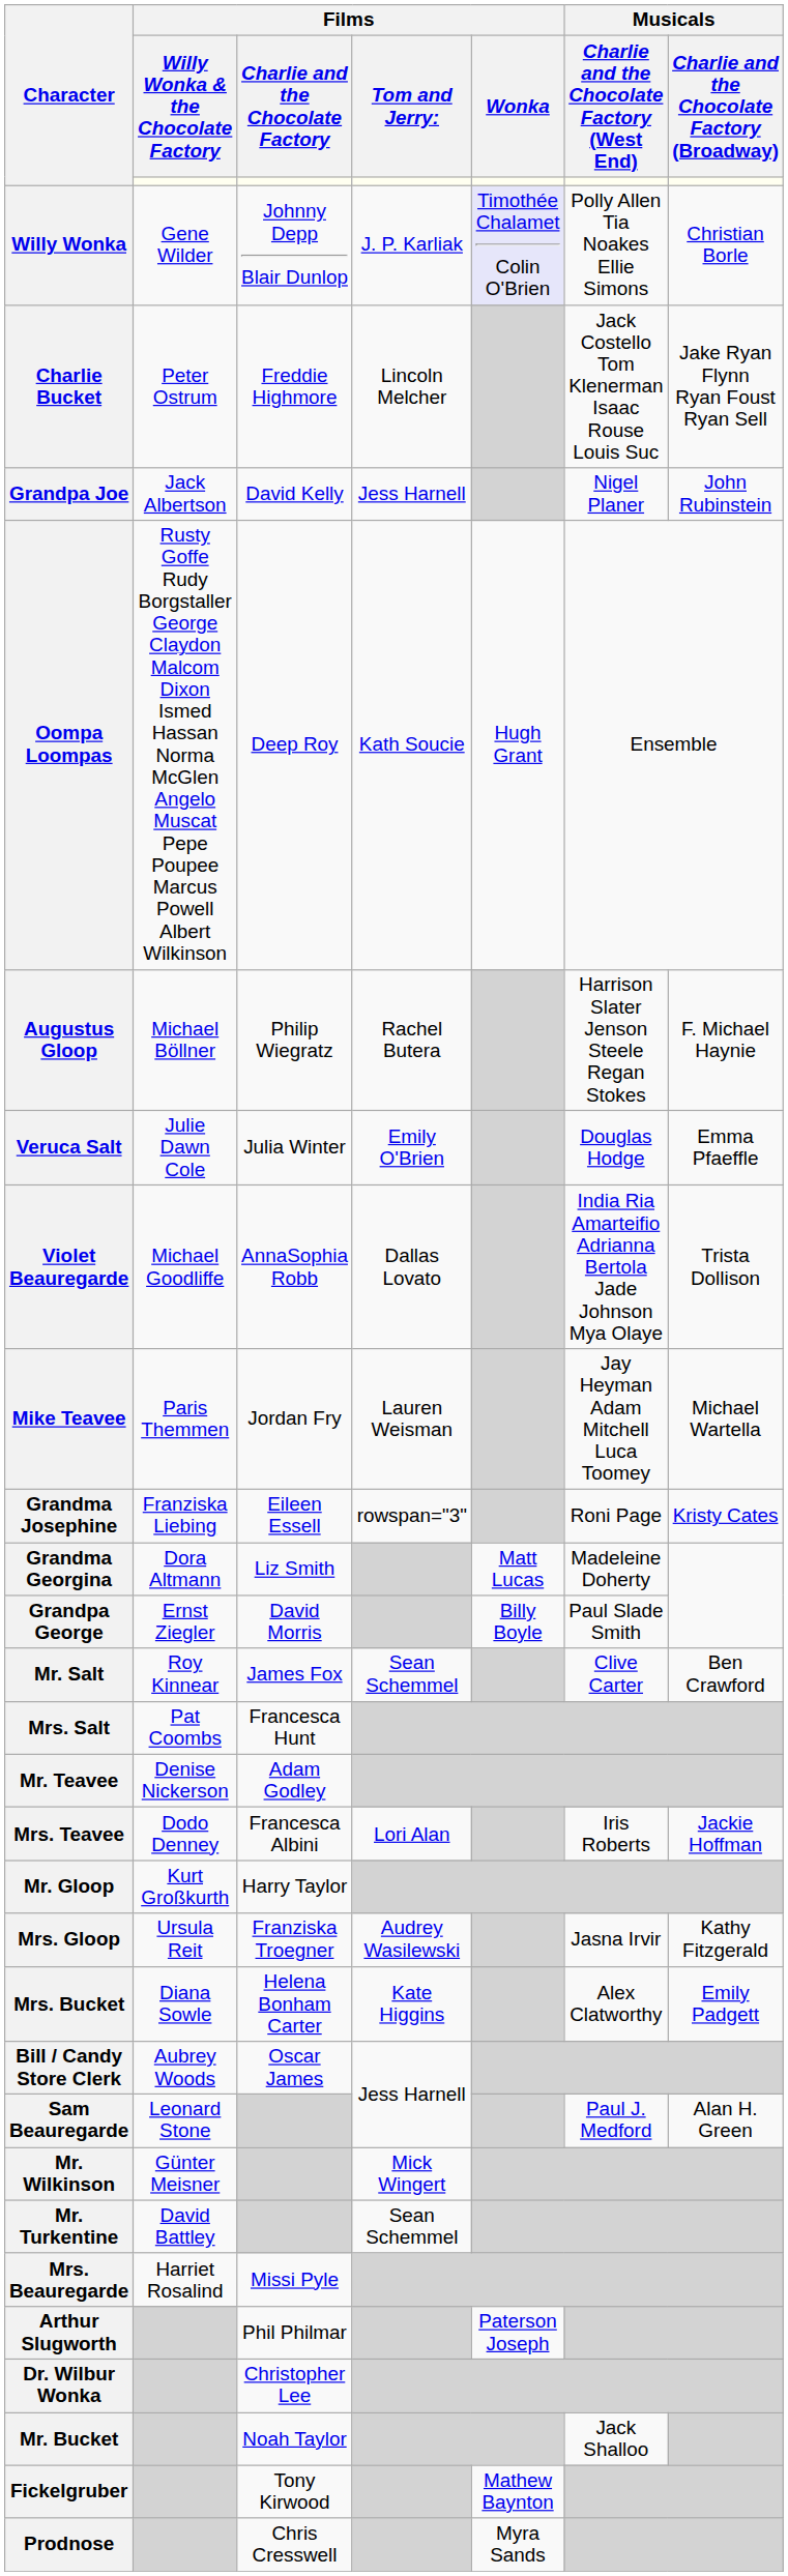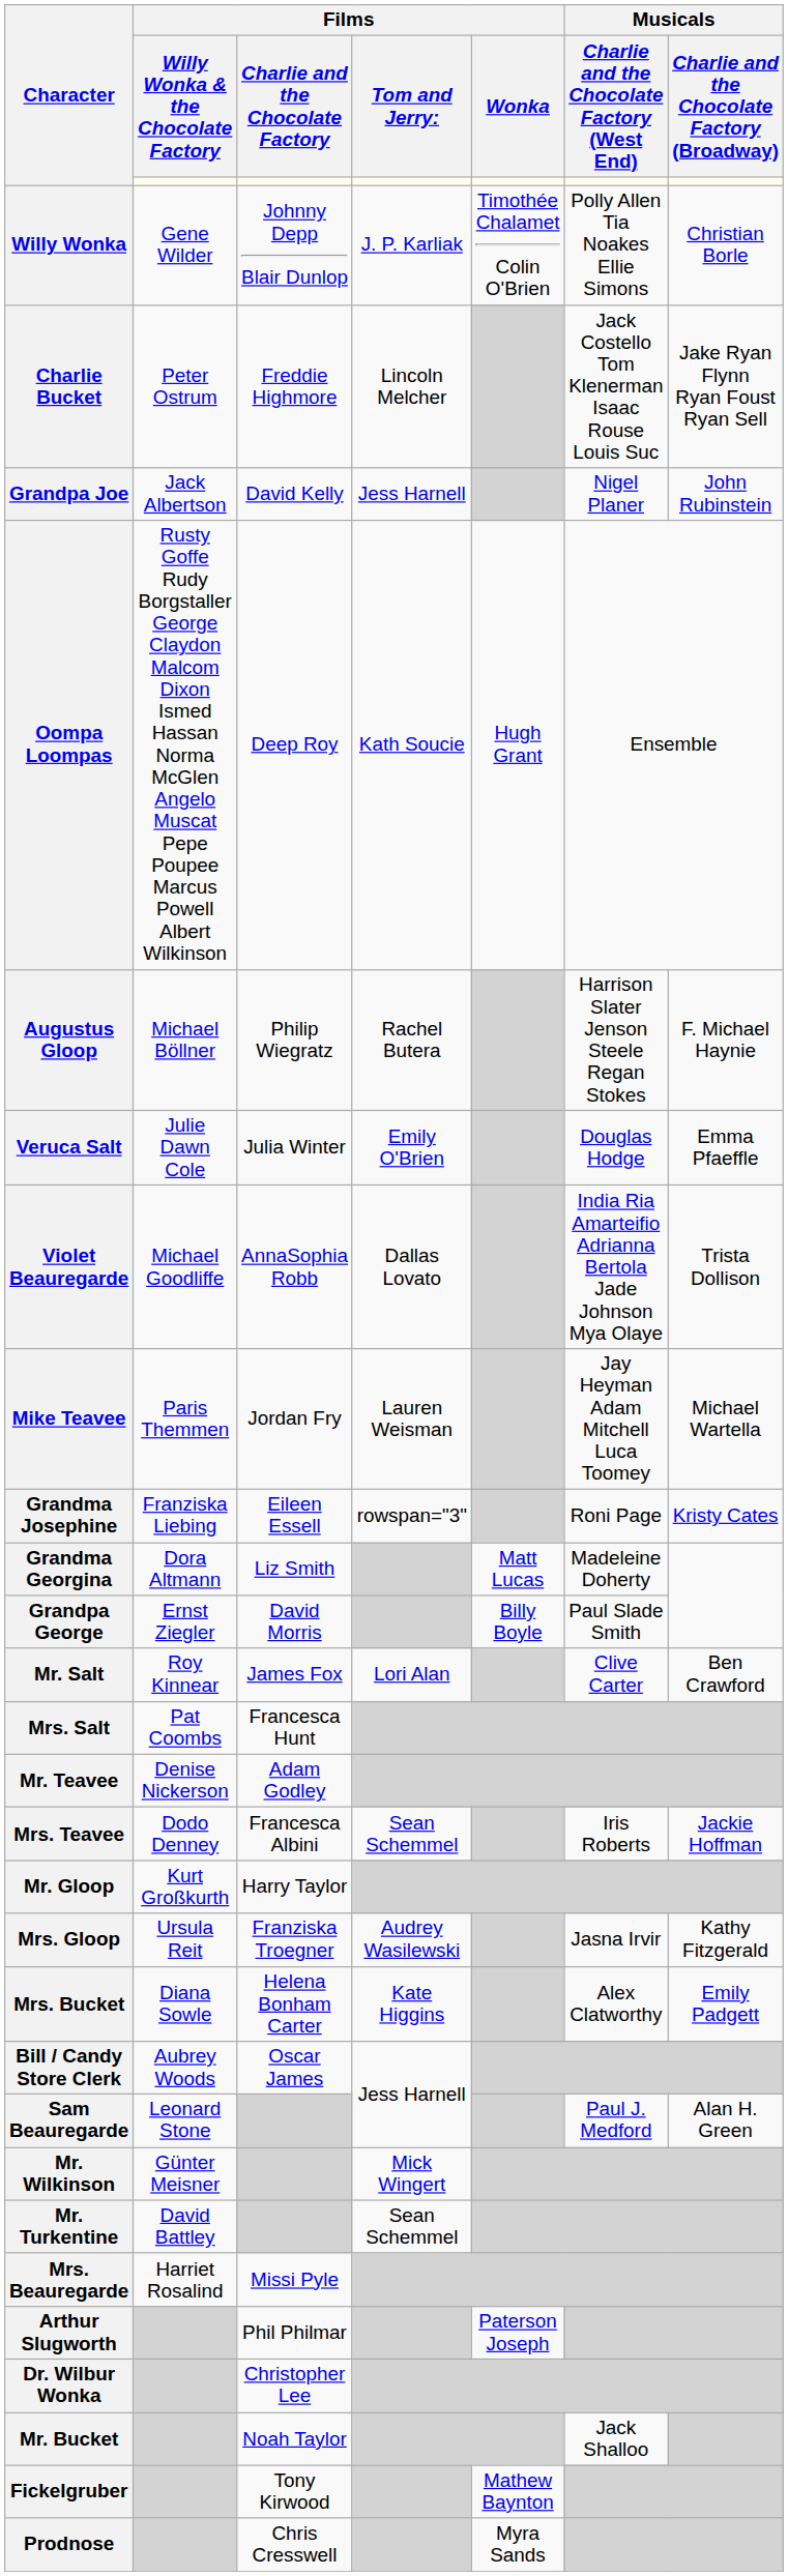 <table class="wikitable" style="text-align:center">
 <tr>
 <th rowspan="3" width="10%"><a href='#'>Character</a></th>
 <th colspan="4">Films</th>
 <th colspan="2">Musicals</th>
 </tr>
 <tr>
 <th width="16%"><em><a href='#'>Willy Wonka & the Chocolate Factory</a></em></th>
 <th width="16%"><em><a href='#'>Charlie and the Chocolate Factory</a></em></th>
 <th width="16%"><em><a href='#'>Tom and Jerry:<br></a></em></th>
 <th width="16%"><em><a href='#'>Wonka</a></em></th>
 <th width="16%"><a href='#'><em>Charlie and the Chocolate Factory</em><br>(West End)</a></th>
 <th width="16%"><a href='#'><em>Charlie and the Chocolate Factory</em><br>(Broadway)</a></th>
 </tr>
 <tr>
 <th style="background:ivory;"></th>
 <th style="background:ivory;"></th>
 <th style="background:ivory;"></th>
 <th style="background:ivory;"></th>
 <th style="background:ivory;"></th>
 <th style="background:ivory;"></th>
 </tr>
 <tr>
 <th><a href='#'>Willy Wonka</a></th>
 <td><a href='#'>Gene Wilder</a></td>
 <td><a href='#'>Johnny Depp</a><hr><a href='#'>Blair Dunlop</a></td>
 <td><a href='#'>J. P. Karliak</a></td>
-<td style="background: lavender;"><a href='#'>Timothée Chalamet</a><hr>Colin O'Brien</td>
+<td><a href='#'>Timothée Chalamet</a><hr>Colin O'Brien</td>
 <td>Polly Allen<br>Tia Noakes<br>Ellie Simons</td>
 <td><a href='#'>Christian Borle</a></td>
 </tr>
 <tr>
 <th><a href='#'>Charlie Bucket</a></th>
 <td><a href='#'>Peter Ostrum</a></td>
 <td><a href='#'>Freddie Highmore</a></td>
 <td>Lincoln Melcher</td>
 <td style="background:lightgrey;"></td>
 <td>Jack Costello<br>Tom Klenerman<br>Isaac Rouse<br>Louis Suc</td>
 <td>Jake Ryan Flynn<br> Ryan Foust<br>Ryan Sell</td>
 </tr>
 <tr>
 <th><a href='#'>Grandpa Joe</a></th>
 <td><a href='#'>Jack Albertson</a></td>
 <td><a href='#'>David Kelly</a></td>
 <td><a href='#'>Jess Harnell</a></td>
 <td style="background:lightgrey;"></td>
 <td><a href='#'>Nigel Planer</a></td>
 <td><a href='#'>John Rubinstein</a></td>
 </tr>
 <tr>
 <th><a href='#'>Oompa Loompas</a></th>
 <td><a href='#'>Rusty Goffe</a><br>Rudy Borgstaller<br><a href='#'>George Claydon</a><br><a href='#'>Malcom Dixon</a><br>Ismed Hassan<br>Norma McGlen<br><a href='#'>Angelo Muscat</a><br>Pepe Poupee<br>Marcus Powell<br>Albert Wilkinson</td>
 <td><a href='#'>Deep Roy</a></td>
 <td><a href='#'>Kath Soucie</a> </td>
 <td><a href='#'>Hugh Grant</a> </td>
 <td colspan="2">Ensemble</td>
 </tr>
 <tr>
 <th><a href='#'>Augustus Gloop</a></th>
 <td><a href='#'>Michael Böllner</a></td>
 <td>Philip Wiegratz</td>
 <td>Rachel Butera</td>
 <td style="background:lightgrey;"></td>
 <td>Harrison Slater<br>Jenson Steele<br>Regan Stokes</td>
 <td>F. Michael Haynie</td>
 </tr>
 <tr>
 <th><a href='#'>Veruca Salt</a></th>
 <td><a href='#'>Julie Dawn Cole</a></td>
 <td>Julia Winter</td>
 <td><a href='#'>Emily O'Brien</a></td>
 <td style="background:lightgrey;"></td>
 <td><a href='#'>Douglas Hodge</a></td>
 <td>Emma Pfaeffle</td>
 </tr>
 <tr>
 <th><a href='#'>Violet Beauregarde</a></th>
 <td><a href='#'>Michael Goodliffe</a></td>
 <td><a href='#'>AnnaSophia Robb</a></td>
 <td>Dallas Lovato</td>
 <td style="background:lightgrey;"></td>
 <td><a href='#'>India Ria Amarteifio</a><br><a href='#'>Adrianna Bertola</a><br> Jade Johnson<br>Mya Olaye</td>
 <td>Trista Dollison</td>
 </tr>
 <tr>
 <th><a href='#'>Mike Teavee</a></th>
 <td><a href='#'>Paris Themmen</a></td>
 <td>Jordan Fry</td>
 <td>Lauren Weisman</td>
 <td style="background:lightgrey;"></td>
 <td>Jay Heyman<br>Adam Mitchell<br>Luca Toomey</td>
 <td>Michael Wartella</td>
 </tr>
 <tr>
 <th>Grandma Josephine</th>
 <td><a href='#'>Franziska Liebing</a></td>
 <td><a href='#'>Eileen Essell</a></td>
 <td>rowspan="3" </td>
 <td style="background:lightgrey;"></td>
 <td>Roni Page</td>
 <td><a href='#'>Kristy Cates</a></td>
 </tr>
 <tr>
 <th>Grandma Georgina</th>
 <td><a href='#'>Dora Altmann</a></td>
 <td><a href='#'>Liz Smith</a></td>
 <td style="background:lightgrey;"></td>
 <td><a href='#'>Matt Lucas</a></td>
 <td>Madeleine Doherty</td>
 </tr>
 <tr>
 <th>Grandpa George</th>
 <td><a href='#'>Ernst Ziegler</a></td>
 <td><a href='#'>David Morris</a></td>
 <td style="background:lightgrey;"></td>
 <td><a href='#'>Billy Boyle</a></td>
 <td>Paul Slade Smith</td>
 </tr>
 <tr>
 <th>Mr. Salt</th>
 <td><a href='#'>Roy Kinnear</a></td>
 <td><a href='#'>James Fox</a></td>
-<td><a href='#'>Sean Schemmel</a></td>
+<td><a href='#'>Lori Alan</a></td>
 <td style="background:lightgrey;"></td>
 <td><a href='#'>Clive Carter</a></td>
 <td>Ben Crawford</td>
 </tr>
 <tr>
 <th>Mrs. Salt</th>
 <td><a href='#'>Pat Coombs</a></td>
 <td>Francesca Hunt</td>
 <td colspan="4" style="background:lightgrey;"> </td>
 </tr>
 <tr>
 <th>Mr. Teavee</th>
 <td><a href='#'>Denise Nickerson</a></td>
 <td><a href='#'>Adam Godley</a></td>
 <td colspan="4" style="background:lightgrey;"> </td>
 </tr>
 <tr>
 <th>Mrs. Teavee</th>
 <td><a href='#'>Dodo Denney</a></td>
 <td>Francesca Albini</td>
-<td><a href='#'>Lori Alan</a></td>
+<td><a href='#'>Sean Schemmel</a></td>
 <td style="background:lightgrey;"></td>
 <td>Iris Roberts</td>
 <td><a href='#'>Jackie Hoffman</a></td>
 </tr>
 <tr>
 <th>Mr. Gloop</th>
 <td><a href='#'>Kurt Großkurth</a></td>
 <td>Harry Taylor</td>
 <td colspan="4" style="background:lightgrey;"> </td>
 </tr>
 <tr>
 <th>Mrs. Gloop</th>
 <td><a href='#'>Ursula Reit</a></td>
 <td><a href='#'>Franziska Troegner</a></td>
 <td><a href='#'>Audrey Wasilewski</a></td>
 <td style="background:lightgrey;"></td>
 <td>Jasna Irvir</td>
 <td>Kathy Fitzgerald</td>
 </tr>
 <tr>
 <th>Mrs. Bucket</th>
 <td><a href='#'>Diana Sowle</a></td>
 <td><a href='#'>Helena Bonham Carter</a></td>
 <td><a href='#'>Kate Higgins</a></td>
 <td style="background:lightgrey;"></td>
 <td>Alex Clatworthy</td>
 <td><a href='#'>Emily Padgett</a></td>
 </tr>
 <tr>
 <th>Bill / Candy Store Clerk</th>
 <td><a href='#'>Aubrey Woods</a></td>
 <td><a href='#'>Oscar James</a></td>
 <td rowspan="2">Jess Harnell</td>
 <td colspan="3" style="background:lightgrey;"> </td>
 </tr>
 <tr>
 <th>Sam Beauregarde</th>
 <td><a href='#'>Leonard Stone</a></td>
 <td style="background:lightgrey;"> </td>
 <td style="background:lightgrey;"> </td>
 <td><a href='#'>Paul J. Medford</a></td>
 <td>Alan H. Green</td>
 </tr>
 <tr>
 <th>Mr. Wilkinson<br></th>
 <td><a href='#'>Günter Meisner</a></td>
 <td style="background:lightgrey;"> </td>
 <td><a href='#'>Mick Wingert</a></td>
 <td colspan="3" style="background:lightgrey;"> </td>
 </tr>
 <tr>
 <th>Mr. Turkentine</th>
 <td><a href='#'>David Battley</a></td>
 <td style="background:lightgrey;"> </td>
 <td>Sean Schemmel</td>
 <td colspan="3" style="background:lightgrey;"> </td>
 </tr>
 <tr>
 <th>Mrs. Beauregarde</th>
 <td>Harriet Rosalind</td>
 <td><a href='#'>Missi Pyle</a></td>
 <td colspan="4" style="background:lightgrey;"> </td>
 </tr>
 <tr>
 <th>Arthur Slugworth</th>
 <td style="background:lightgrey;"> </td>
 <td>Phil Philmar</td>
 <td style="background:lightgrey;"> </td>
 <td><a href='#'>Paterson Joseph</a></td>
 <td colspan="2" style="background:lightgrey;"> </td>
 </tr>
 <tr>
 <th>Dr. Wilbur Wonka</th>
 <td style="background:lightgrey;"> </td>
 <td><a href='#'>Christopher Lee</a></td>
 <td colspan="4" style="background:lightgrey;"> </td>
 </tr>
 <tr>
 <th>Mr. Bucket</th>
 <td style="background:lightgrey;"> </td>
 <td><a href='#'>Noah Taylor</a></td>
 <td colspan="2" style="background:lightgrey;"> </td>
 <td>Jack Shalloo</td>
 <td colspan="2" style="background:lightgrey;"> </td>
 </tr>
 <tr>
 <th>Fickelgruber</th>
 <td style="background:lightgrey;"> </td>
 <td>Tony Kirwood</td>
 <td style="background:lightgrey;"> </td>
 <td><a href='#'>Mathew Baynton</a></td>
 <td colspan="2" style="background:lightgrey;"> </td>
 </tr>
 <tr>
 <th>Prodnose</th>
 <td style="background:lightgrey;"> </td>
 <td>Chris Cresswell</td>
 <td style="background:lightgrey;"> </td>
 <td>Myra Sands</td>
 <td colspan="2" style="background:lightgrey;"> </td>
 </tr>
 </table>
